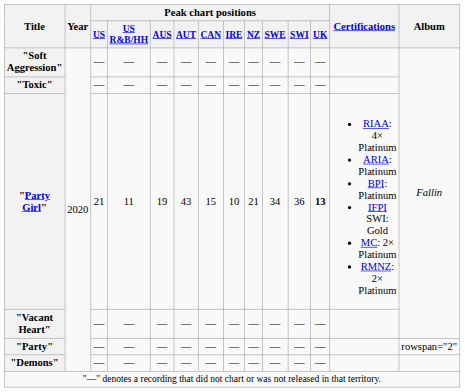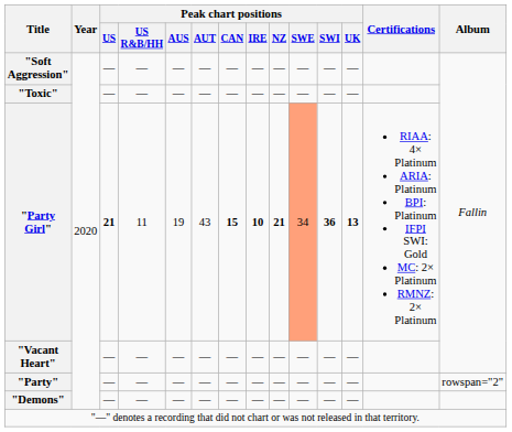 <table class="wikitable plainrowheaders" style="text-align:center;">
 <tr>
 <th rowspan="2">Title</th>
 <th rowspan="2">Year</th>
 <th colspan="10">Peak chart positions</th>
 <th rowspan="2"><a href='#'>Certifications</a></th>
 <th rowspan="2">Album</th>
 </tr>
 <tr>
 <th scope="col" style="width:3em;font-size:90%;"><a href='#'>US</a><br></th>
 <th scope="col" style="width:3em;font-size:90%;"><a href='#'>US</a><br><a href='#'>R&B/HH</a><br></th>
 <th scope="col" style="width:3em;font-size:90%;"><a href='#'>AUS</a><br></th>
 <th scope="col" style="width:3em;font-size:90%;"><a href='#'>AUT</a><br></th>
 <th scope="col" style="width:3em;font-size:90%;"><a href='#'>CAN</a><br></th>
 <th scope="col" style="width:3em;font-size:90%;"><a href='#'>IRE</a><br></th>
 <th scope="col" style="width:3em;font-size:90%;"><a href='#'>NZ</a><br></th>
 <th scope="col" style="width:3em;font-size:90%;"><a href='#'>SWE</a><br></th>
 <th scope="col" style="width:3em;font-size:90%;"><a href='#'>SWI</a><br></th>
 <th scope="col" style="width:3em;font-size:90%;"><a href='#'>UK</a><br></th>
 </tr>
 <tr>
 <th scope="row">"Soft Aggression"</th>
 <td rowspan="6">2020</td>
 <td>—</td>
 <td>—</td>
 <td>—</td>
 <td>—</td>
 <td>—</td>
 <td>—</td>
 <td>—</td>
 <td>—</td>
 <td>—</td>
 <td>—</td>
 <td></td>
 <td rowspan="4"><em>Fallin<strong></td>
 </tr>
 <tr>
 <th scope="row">"Toxic"</th>
 <td>—</td>
 <td>—</td>
 <td>—</td>
 <td>—</td>
 <td>—</td>
 <td>—</td>
 <td>—</td>
 <td>—</td>
 <td>—</td>
 <td>—</td>
 <td></td>
 </tr>
 <tr>
 <th scope="row">"<a href='#'>Party Girl</a>"<br></th>
-<td>21</td>
+<td><strong>21</strong></td>
 <td>11</td>
 <td>19</td>
 <td>43</td>
-<td>15</td>
-<td>10</td>
-<td>21</td>
-<td>34</td>
-<td>36</td>
+<td><strong>15</strong></td>
+<td><strong>10</strong></td>
+<td><strong>21</strong></td>
+<td style="background: lightsalmon;">34</td>
+<td><strong>36</strong></td>
 <td><strong>13</strong></td>
 <td><br><ul><li><a href='#'>RIAA</a>: 4× Platinum</li><li><a href='#'>ARIA</a>: Platinum</li><li><a href='#'>BPI</a>: Platinum</li><li><a href='#'>IFPI</a> SWI: Gold</li><li><a href='#'>MC</a>: 2× Platinum</li><li><a href='#'>RMNZ</a>: 2× Platinum</li></ul></td>
 </tr>
 <tr>
 <th scope="row">"Vacant Heart"<br></th>
 <td>—</td>
 <td>—</td>
 <td>—</td>
 <td>—</td>
 <td>—</td>
 <td>—</td>
 <td>—</td>
 <td>—</td>
 <td>—</td>
 <td>—</td>
 <td></td>
 </tr>
 <tr>
 <th scope="row">"Party"<br></th>
 <td>—</td>
 <td>—</td>
 <td>—</td>
 <td>—</td>
 <td>—</td>
 <td>—</td>
 <td>—</td>
 <td>—</td>
 <td>—</td>
 <td>—</td>
 <td></td>
 <td>rowspan="2" </td>
 </tr>
 <tr>
 <th scope="row">"Demons"</th>
 <td>—</td>
 <td>—</td>
 <td>—</td>
 <td>—</td>
 <td>—</td>
 <td>—</td>
 <td>—</td>
 <td>—</td>
 <td>—</td>
 <td>—</td>
 <td></td>
 </tr>
 <tr>
 <td colspan="14" style="font-size:90%">"—" denotes a recording that did not chart or was not released in that territory.</td>
 </tr>
 </table>
